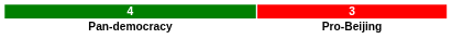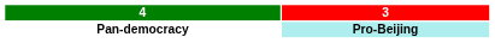 <table style="width:50%; text-align:center;">
 <tr style="color:white;">
 <td style="background:green; width:57%;"><strong>4</strong></td>
 <td style="background:red; width:43%;"><strong>3</strong></td>
 </tr>
 <tr>
 <td><span><strong>Pan-democracy</strong></span></td>
-<td><span><strong>Pro-Beijing</strong></span></td>
+<td style="background: paleturquoise;"><span><strong>Pro-Beijing</strong></span></td>
 </tr>
 </table>
